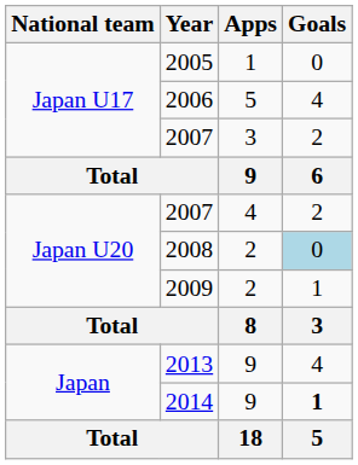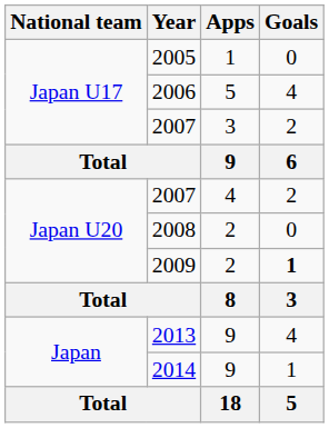 <table class="wikitable" style="text-align:center">
 <tr>
 <th>National team</th>
 <th>Year</th>
 <th>Apps</th>
 <th>Goals</th>
 </tr>
 <tr>
 <td rowspan="3"><a href='#'>Japan U17</a></td>
 <td>2005</td>
 <td>1</td>
 <td>0</td>
 </tr>
 <tr>
 <td>2006</td>
 <td>5</td>
 <td>4</td>
 </tr>
 <tr>
 <td>2007</td>
 <td>3</td>
 <td>2</td>
 </tr>
 <tr>
 <th colspan="2">Total</th>
 <th>9</th>
 <th>6</th>
 </tr>
 <tr>
 <td rowspan="3"><a href='#'>Japan U20</a></td>
 <td>2007</td>
 <td>4</td>
 <td>2</td>
 </tr>
 <tr>
 <td>2008</td>
 <td>2</td>
-<td style="background: lightblue;">0</td>
+<td>0</td>
 </tr>
 <tr>
 <td>2009</td>
 <td>2</td>
-<td>1</td>
+<td><strong>1</strong></td>
 </tr>
 <tr>
 <th colspan="2">Total</th>
 <th>8</th>
 <th>3</th>
 </tr>
 <tr>
 <td rowspan="2"><a href='#'>Japan</a></td>
 <td><a href='#'>2013</a></td>
 <td>9</td>
 <td>4</td>
 </tr>
 <tr>
 <td><a href='#'>2014</a></td>
 <td>9</td>
-<td><strong>1</strong></td>
+<td>1</td>
 </tr>
 <tr>
 <th colspan="2">Total</th>
 <th>18</th>
 <th>5</th>
 </tr>
 </table>
